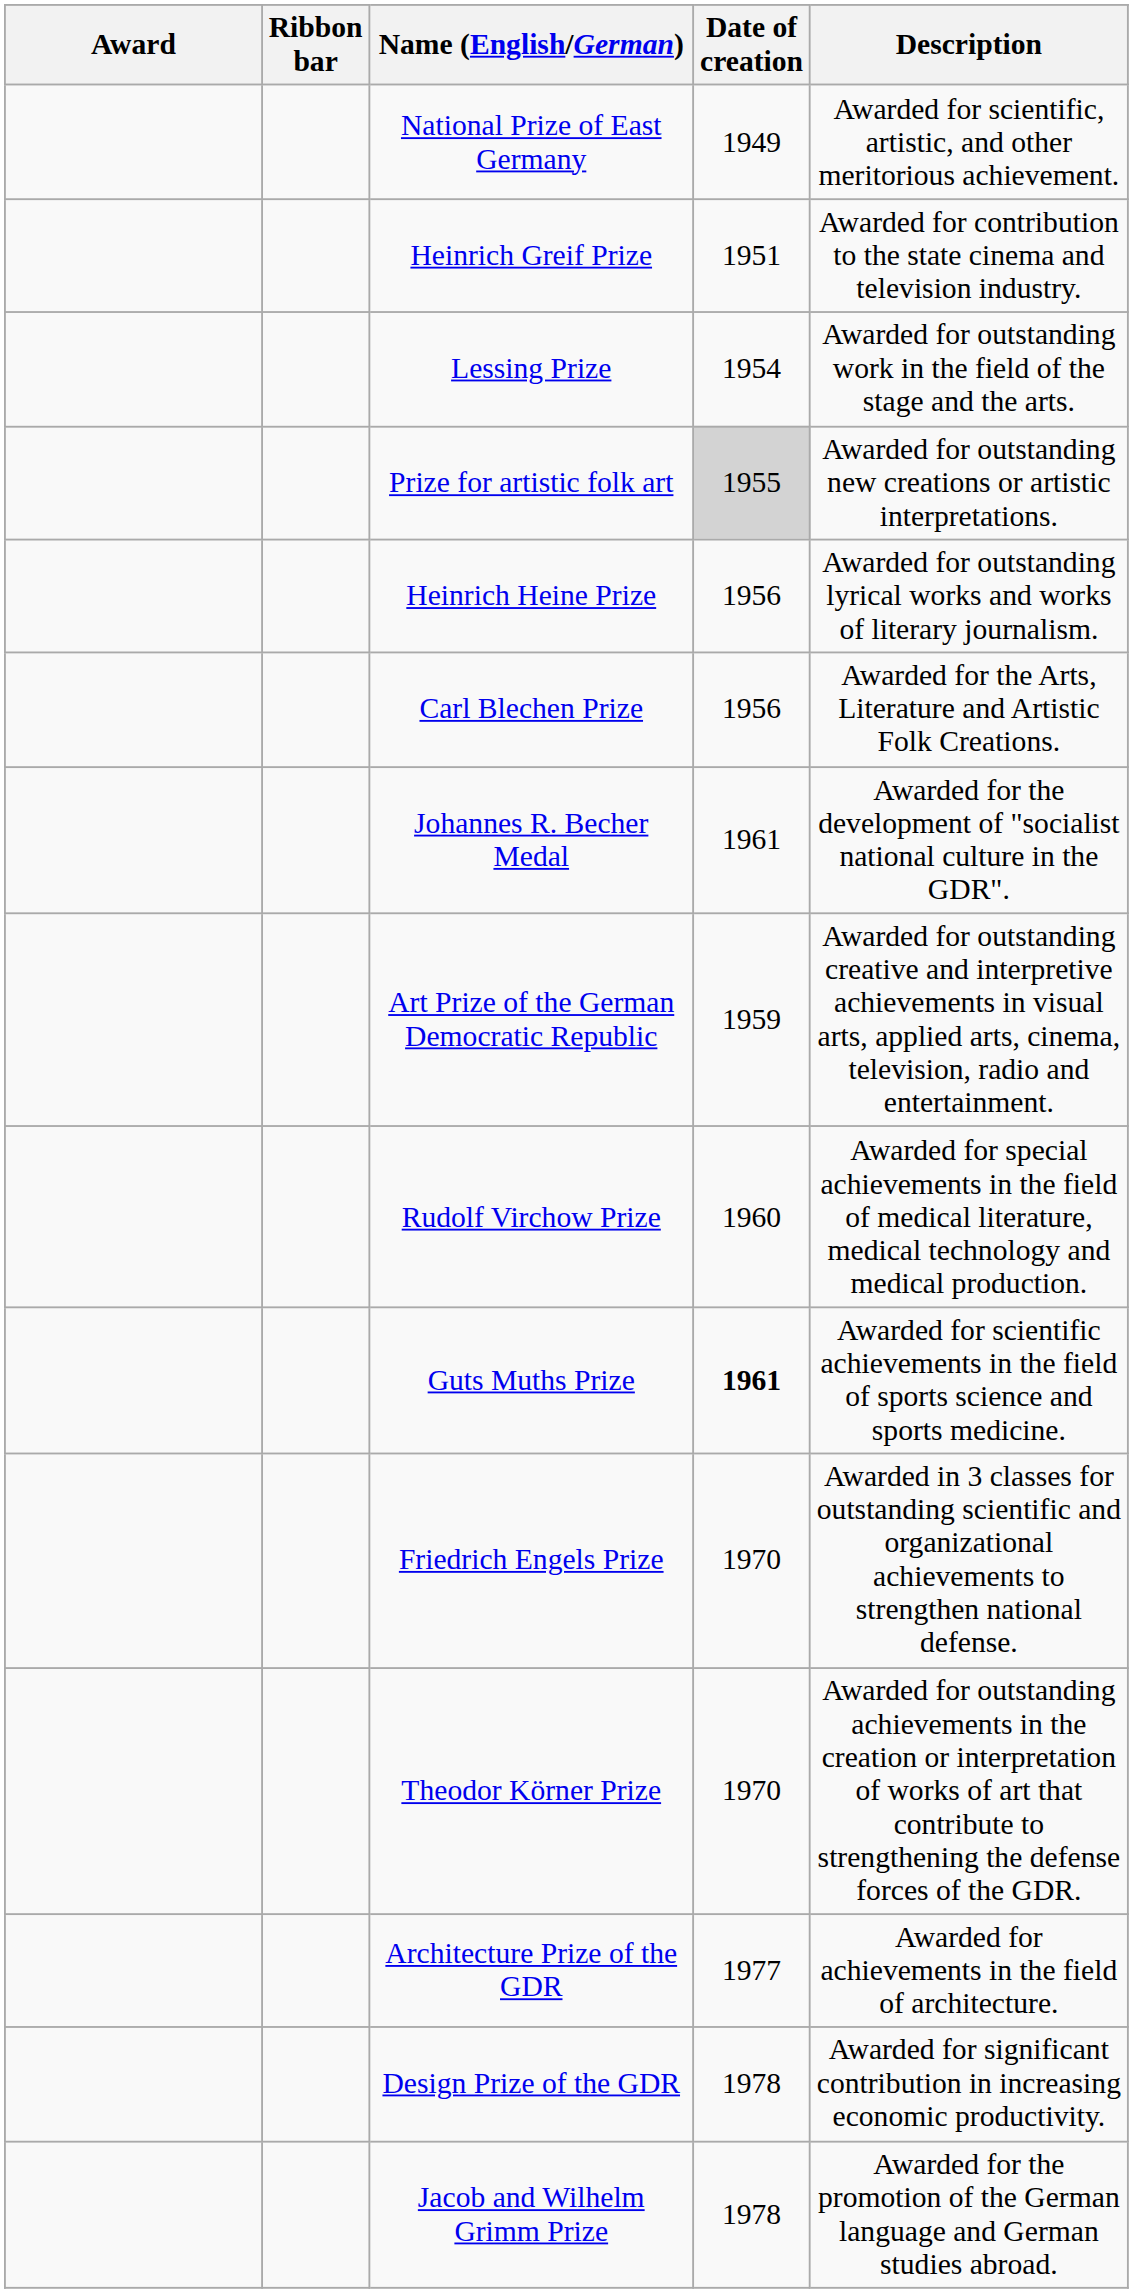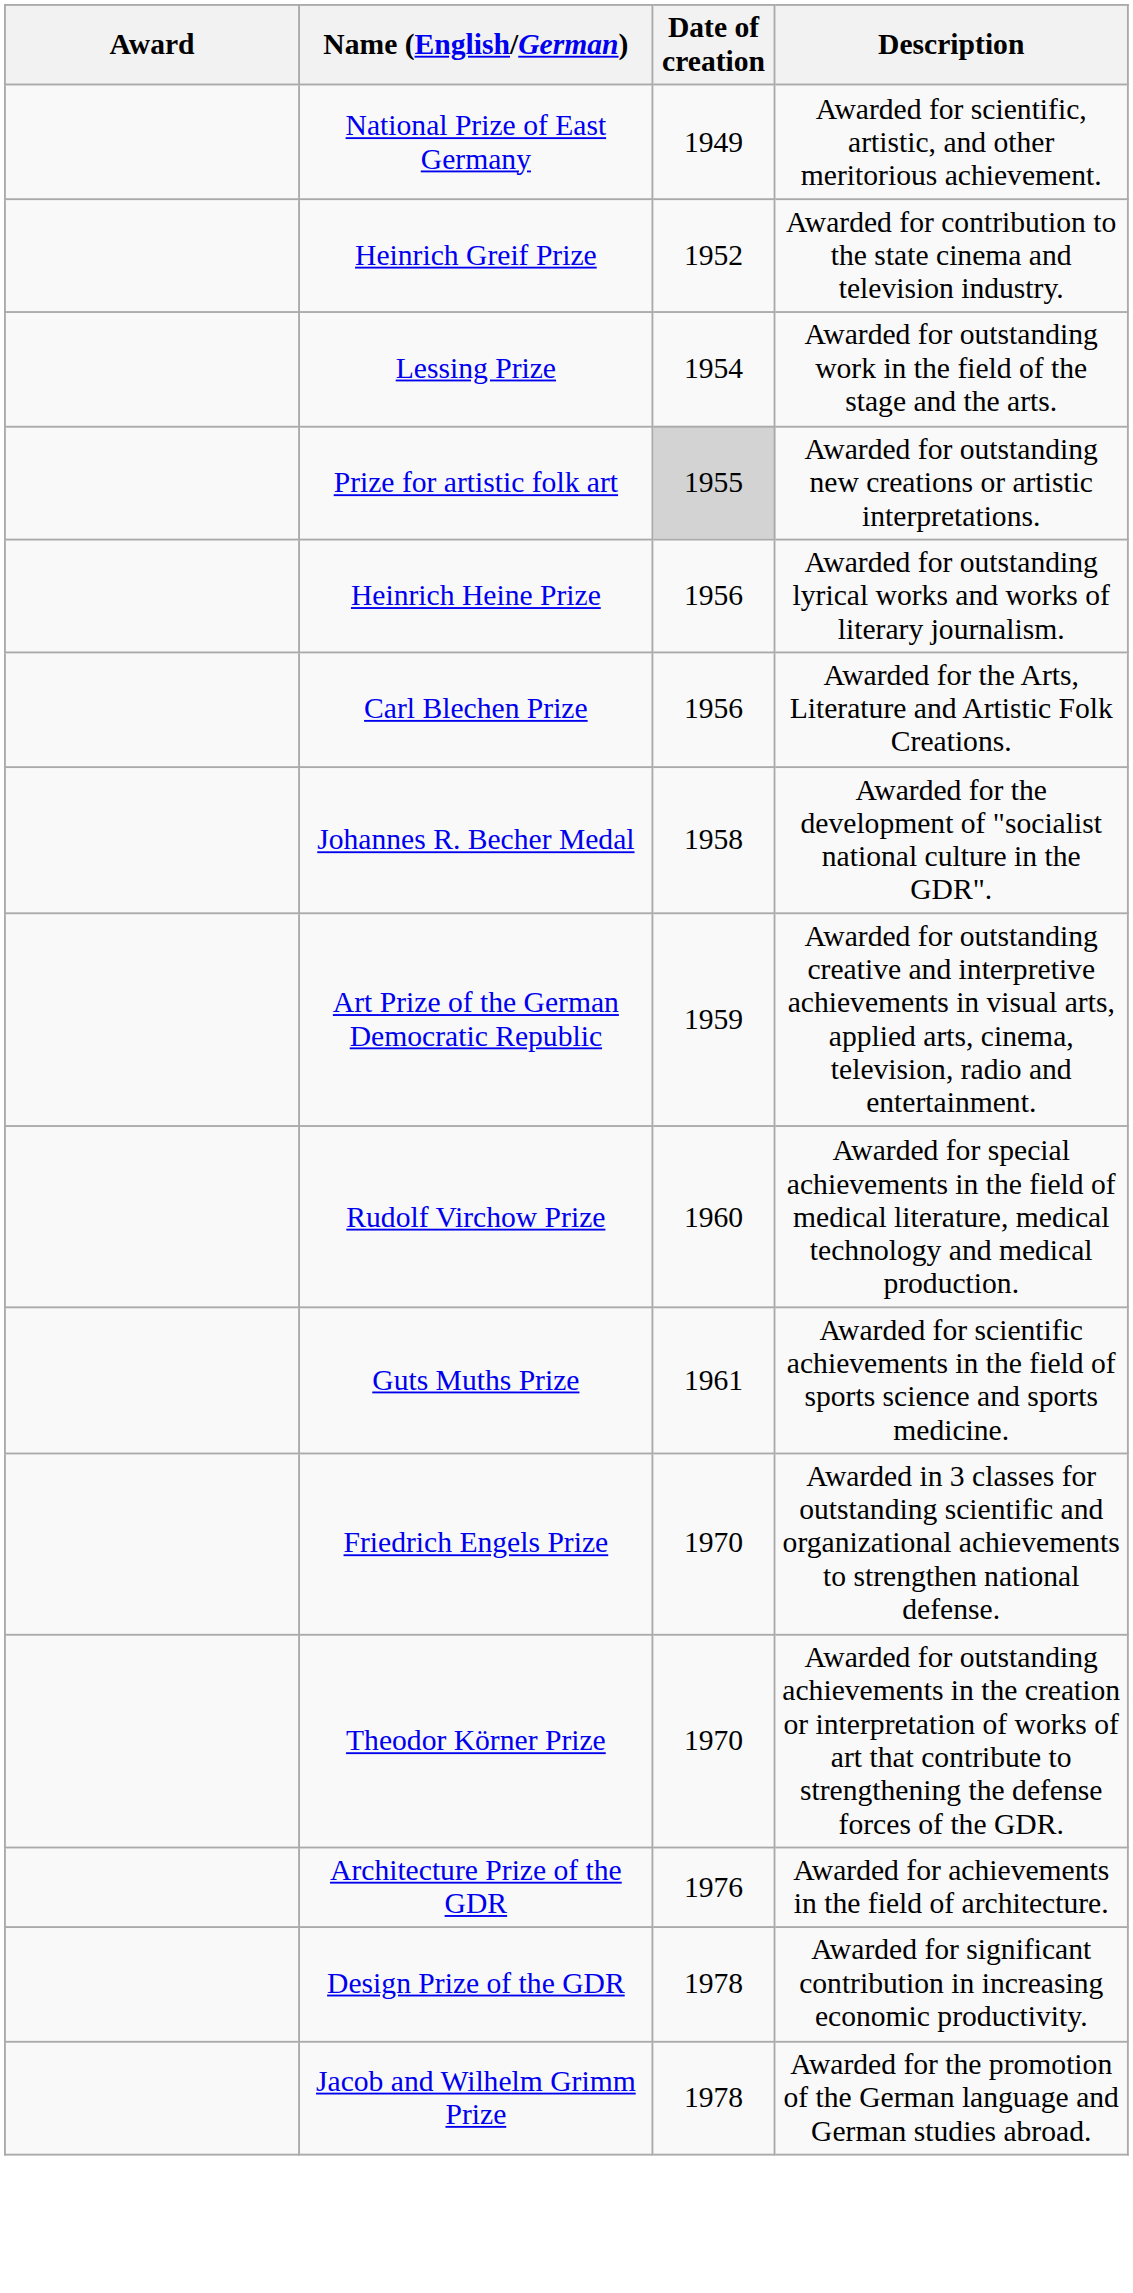 <table class="wikitable sortable" style="text-align:center">
 <tr>
 <th style="width:25%">Award</th>
-<th style="width:5%">Ribbon<br>bar</th>
 <th style="width:30%">Name (<a href='#'>English</a>/<em><a href='#'>German</a></em>)</th>
 <th style="width:10%">Date of<br>creation</th>
 <th style="width:30%">Description</th>
 </tr>
 <tr>
-<td></td>
 <td></td>
 <td><a href='#'>National Prize of East Germany</a><br></td>
 <td>1949</td>
 <td>Awarded for scientific, artistic, and other meritorious achievement.</td>
 </tr>
 <tr>
 <td></td>
-<td></td>
 <td><a href='#'>Heinrich Greif Prize</a><br></td>
-<td>1951</td>
+<td>1952</td>
 <td>Awarded for contribution to the state cinema and television industry.</td>
 </tr>
 <tr>
-<td></td>
 <td></td>
 <td><a href='#'>Lessing Prize</a><br></td>
 <td>1954</td>
 <td>Awarded for outstanding work in the field of the stage and the arts.</td>
 </tr>
 <tr>
 <td></td>
-<td></td>
 <td><a href='#'>Prize for artistic folk art</a><br></td>
 <td style="background: lightgrey;">1955</td>
 <td>Awarded for outstanding new creations or artistic interpretations.</td>
 </tr>
 <tr>
-<td></td>
 <td></td>
 <td><a href='#'>Heinrich Heine Prize</a><br></td>
 <td>1956</td>
 <td>Awarded for outstanding  lyrical works and works of literary journalism.</td>
 </tr>
 <tr>
 <td></td>
-<td></td>
 <td><a href='#'>Carl Blechen Prize</a><br></td>
 <td>1956</td>
 <td>Awarded for the Arts, Literature and Artistic Folk Creations.</td>
 </tr>
 <tr>
 <td></td>
-<td></td>
 <td><a href='#'>Johannes R. Becher Medal</a><br></td>
-<td>1961</td>
+<td>1958</td>
 <td>Awarded for the development of "socialist national culture in the GDR".</td>
 </tr>
 <tr>
-<td></td>
 <td></td>
 <td><a href='#'>Art Prize of the German Democratic Republic</a><br></td>
 <td>1959</td>
 <td>Awarded for outstanding creative and interpretive achievements in visual arts, applied arts, cinema, television, radio and entertainment.</td>
 </tr>
 <tr>
 <td></td>
-<td></td>
 <td><a href='#'>Rudolf Virchow Prize</a><br></td>
 <td>1960</td>
 <td>Awarded for special achievements in the field of medical literature, medical technology and medical production.</td>
 </tr>
 <tr>
 <td></td>
-<td></td>
 <td><a href='#'>Guts Muths Prize</a><br></td>
-<td><strong>1961</strong></td>
+<td>1961</td>
 <td>Awarded for scientific achievements in the field of sports science and sports medicine.</td>
 </tr>
 <tr>
 <td></td>
-<td><br>  </td>
 <td><a href='#'>Friedrich Engels Prize</a><br></td>
 <td>1970</td>
 <td>Awarded in 3 classes for outstanding scientific and organizational achievements to strengthen national defense.</td>
 </tr>
 <tr>
-<td></td>
 <td></td>
 <td><a href='#'>Theodor Körner Prize</a><br></td>
 <td>1970</td>
 <td>Awarded for outstanding achievements in the creation or interpretation of works of art that contribute to strengthening the defense forces of the GDR.</td>
 </tr>
 <tr>
 <td></td>
-<td></td>
 <td><a href='#'>Architecture Prize of the GDR</a><br></td>
-<td>1977</td>
+<td>1976</td>
 <td>Awarded for achievements in the field of architecture.</td>
 </tr>
 <tr>
-<td></td>
 <td></td>
 <td><a href='#'>Design Prize of the GDR</a><br></td>
 <td>1978</td>
 <td>Awarded for significant contribution in increasing economic productivity.</td>
 </tr>
 <tr>
 <td></td>
-<td></td>
 <td><a href='#'>Jacob and Wilhelm Grimm Prize</a><br></td>
 <td>1978</td>
 <td>Awarded for the promotion of the German language and German studies abroad.</td>
 </tr>
 </table>
